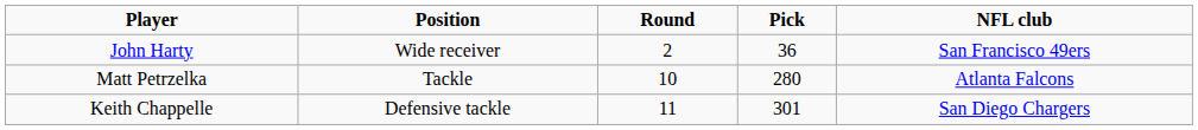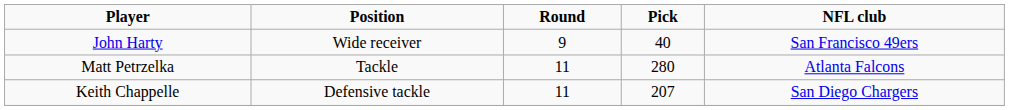 <table class="wikitable" width="80%">
 <tr align="center">
 <td><strong>Player</strong></td>
 <td><strong>Position</strong></td>
 <td><strong>Round</strong></td>
 <td><strong>Pick</strong></td>
 <td><strong>NFL club</strong></td>
 </tr>
 <tr align="center" bgcolor="">
 <td><a href='#'>John Harty</a></td>
 <td>Wide receiver</td>
-<td>2</td>
-<td>36</td>
+<td>9</td>
+<td>40</td>
 <td><a href='#'>San Francisco 49ers</a></td>
 </tr>
 <tr align="center" bgcolor="">
 <td>Matt Petrzelka</td>
 <td>Tackle</td>
-<td>10</td>
+<td>11</td>
 <td>280</td>
 <td><a href='#'>Atlanta Falcons</a></td>
 </tr>
 <tr align="center" bgcolor="">
 <td>Keith Chappelle</td>
 <td>Defensive tackle</td>
 <td>11</td>
-<td>301</td>
+<td>207</td>
 <td><a href='#'>San Diego Chargers</a></td>
 </tr>
 <tr align="center" bgcolor="">
 </tr>
 </table>
